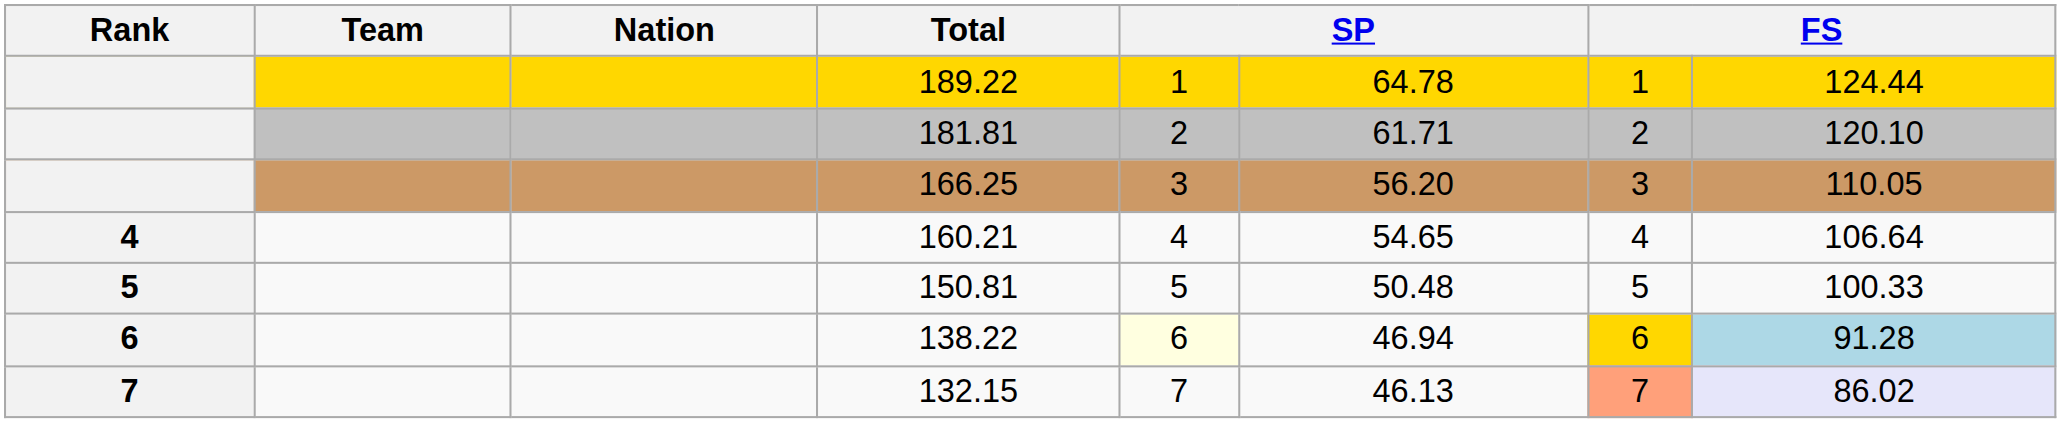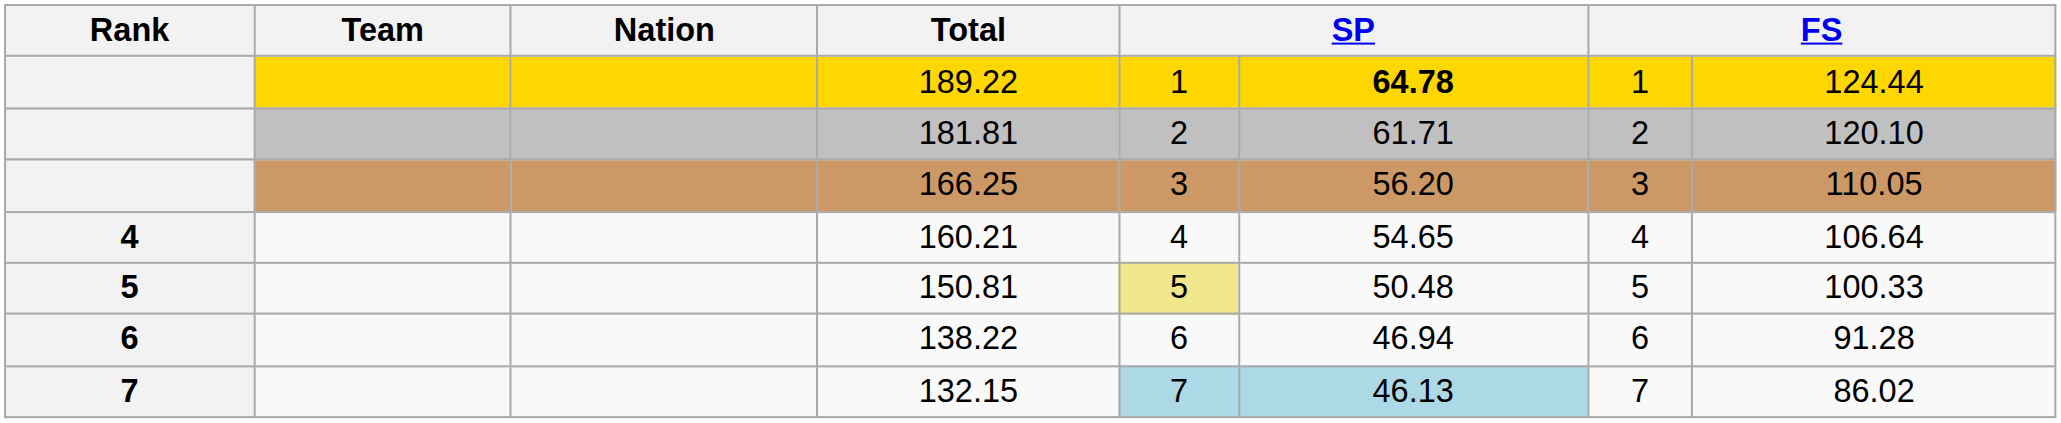 <table class="wikitable sortable" style="text-align:center;" width="80%">
 <tr>
 <th scope="col">Rank</th>
 <th scope="col">Team</th>
 <th scope="col">Nation</th>
 <th scope="col">Total</th>
 <th scope="col" colspan="2" width="80px"><a href='#'>SP</a></th>
 <th scope="col" colspan="2" width="80px"><a href='#'>FS</a></th>
 </tr>
 <tr bgcolor="gold">
 <th scope="row"></th>
 <td align="left"></td>
 <td align="left"></td>
 <td>189.22</td>
 <td>1</td>
-<td>64.78</td>
+<td><strong>64.78</strong></td>
 <td>1</td>
 <td>124.44</td>
 </tr>
 <tr bgcolor="silver">
 <th scope="row"></th>
 <td align="left"></td>
 <td align="left"></td>
 <td>181.81</td>
 <td>2</td>
 <td>61.71</td>
 <td>2</td>
 <td>120.10</td>
 </tr>
 <tr bgcolor="cc9966">
 <th scope="row"></th>
 <td align="left"></td>
 <td align="left"></td>
 <td>166.25</td>
 <td>3</td>
 <td>56.20</td>
 <td>3</td>
 <td>110.05</td>
 </tr>
 <tr>
 <th scope="row">4</th>
 <td align="left"></td>
 <td align="left"></td>
 <td>160.21</td>
 <td>4</td>
 <td>54.65</td>
 <td>4</td>
 <td>106.64</td>
 </tr>
 <tr>
 <th scope="row">5</th>
 <td align="left"></td>
 <td align="left"></td>
 <td>150.81</td>
-<td>5</td>
+<td style="background: khaki;">5</td>
 <td>50.48</td>
 <td>5</td>
 <td>100.33</td>
 </tr>
 <tr>
 <th scope="row">6</th>
 <td align="left"></td>
 <td align="left"></td>
 <td>138.22</td>
-<td style="background: lightyellow;">6</td>
+<td>6</td>
 <td>46.94</td>
-<td style="background: gold;">6</td>
-<td style="background: lightblue;">91.28</td>
+<td>6</td>
+<td>91.28</td>
 </tr>
 <tr>
 <th scope="row">7</th>
 <td align="left"></td>
 <td align="left"></td>
 <td>132.15</td>
+<td style="background: lightblue;">7</td>
+<td style="background: lightblue;">46.13</td>
 <td>7</td>
-<td>46.13</td>
-<td style="background: lightsalmon;">7</td>
-<td style="background: lavender;">86.02</td>
+<td>86.02</td>
 </tr>
 </table>
